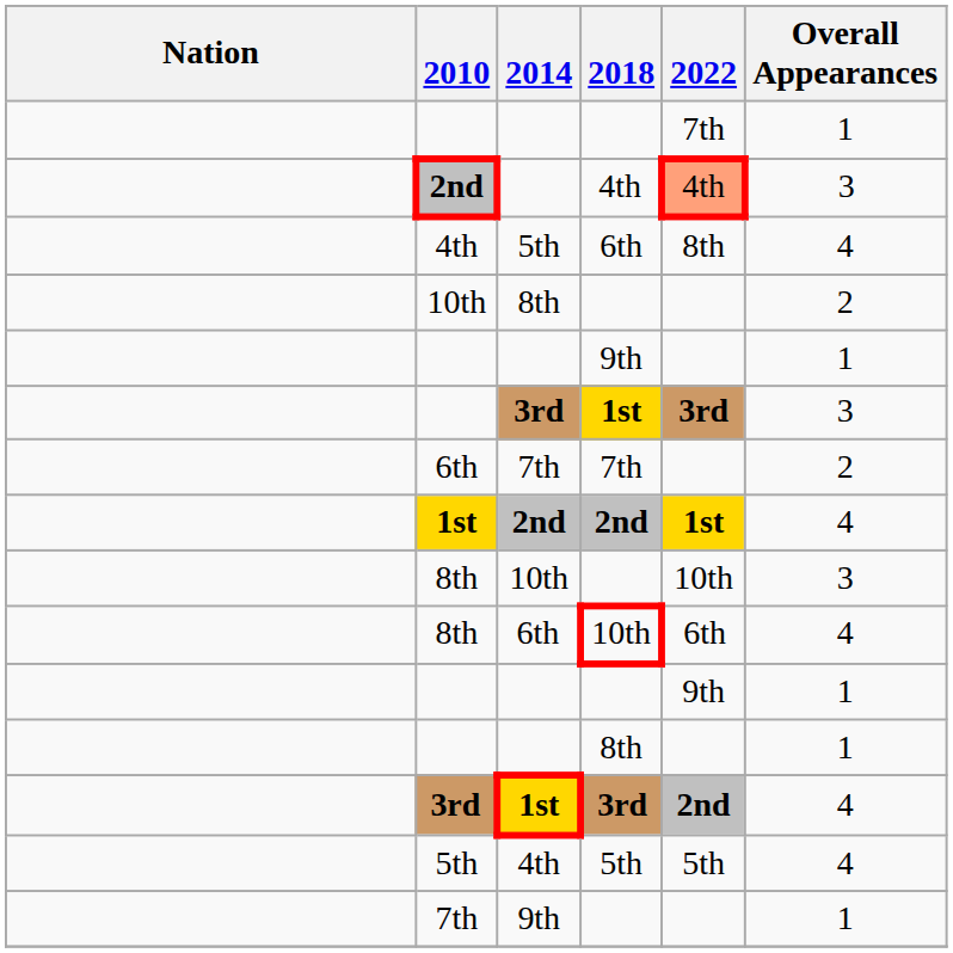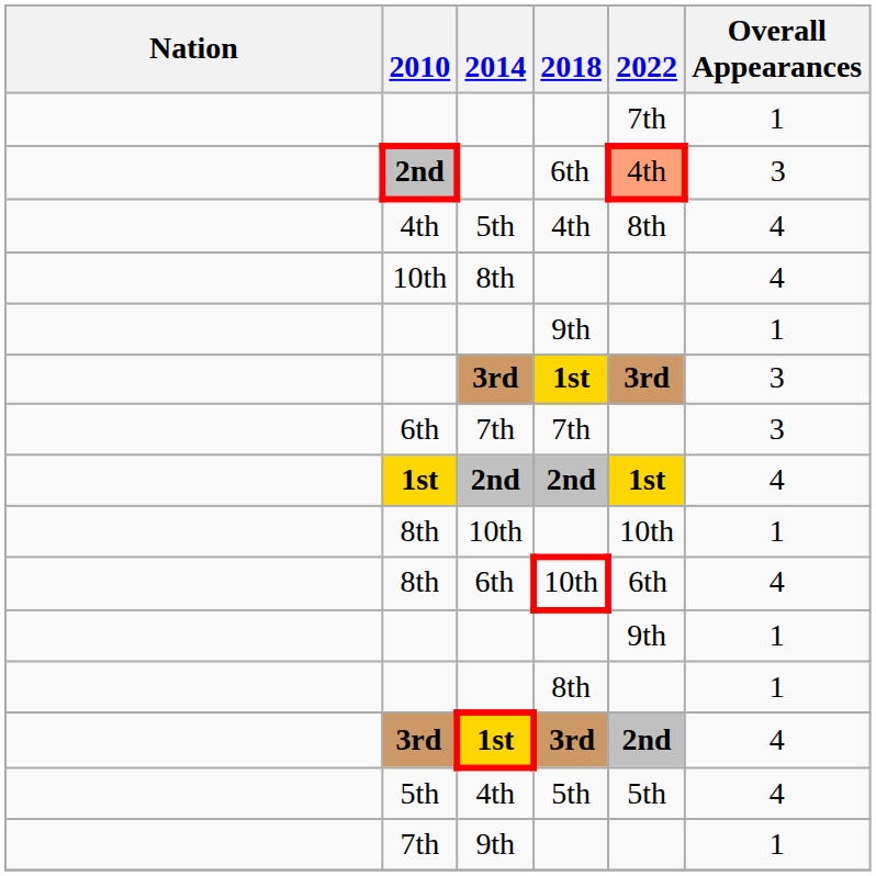 <table class="wikitable" style="text-align:center; font-size:90%">
 <tr>
 <th width=170>Nation</th>
 <th><br><a href='#'>2010</a></th>
 <th><br><a href='#'>2014</a></th>
 <th><br><a href='#'>2018</a></th>
 <th><br><a href='#'>2022</a></th>
 <th>Overall<br>Appearances</th>
 </tr>
 <tr>
 <td align=left></td>
 <td></td>
 <td></td>
 <td></td>
 <td>7th</td>
 <td>1</td>
 </tr>
 <tr>
 <td align=left></td>
 <td bgcolor=silver style="border: 3px solid red"><strong>2nd</strong></td>
 <td></td>
-<td>4th</td>
+<td>6th</td>
 <td style="background: lightsalmon; border: 3px solid red">4th</td>
 <td>3</td>
 </tr>
 <tr>
 <td align=left></td>
 <td>4th</td>
 <td>5th</td>
-<td>6th</td>
+<td>4th</td>
 <td>8th</td>
 <td>4</td>
 </tr>
 <tr>
 <td align=left></td>
 <td>10th</td>
 <td>8th</td>
 <td></td>
 <td></td>
-<td>2</td>
+<td>4</td>
 </tr>
 <tr>
 <td align=left></td>
 <td></td>
 <td></td>
 <td>9th</td>
 <td></td>
 <td>1</td>
 </tr>
 <tr>
 <td align=left></td>
 <td></td>
 <td bgcolor=#cc9966><strong>3rd</strong></td>
 <td bgcolor=gold><strong>1st</strong></td>
 <td bgcolor=#cc9966><strong>3rd</strong></td>
 <td>3</td>
 </tr>
 <tr>
 <td align=left></td>
 <td>6th</td>
 <td>7th</td>
 <td>7th</td>
 <td></td>
-<td>2</td>
+<td>3</td>
 </tr>
 <tr>
 <td align=left></td>
 <td bgcolor=gold><strong>1st</strong></td>
 <td bgcolor=silver><strong>2nd</strong></td>
 <td bgcolor=silver><strong>2nd</strong></td>
 <td bgcolor=gold><strong>1st</strong></td>
 <td>4</td>
 </tr>
 <tr>
 <td align=left></td>
 <td>8th</td>
 <td>10th</td>
 <td></td>
 <td>10th</td>
-<td>3</td>
+<td>1</td>
 </tr>
 <tr>
 <td align=left></td>
 <td>8th</td>
 <td>6th</td>
 <td style="border: 3px solid red">10th</td>
 <td>6th</td>
 <td>4</td>
 </tr>
 <tr>
 <td align=left></td>
 <td></td>
 <td></td>
 <td></td>
 <td>9th</td>
 <td>1</td>
 </tr>
 <tr>
 <td align=left></td>
 <td></td>
 <td></td>
 <td>8th</td>
 <td></td>
 <td>1</td>
 </tr>
 <tr>
 <td align=left></td>
 <td bgcolor=#cc9966><strong>3rd</strong></td>
 <td bgcolor=gold style="border: 3px solid red"><strong>1st</strong></td>
 <td bgcolor=#cc9966><strong>3rd</strong></td>
 <td bgcolor=silver><strong>2nd</strong></td>
 <td>4</td>
 </tr>
 <tr>
 <td align=left></td>
 <td>5th</td>
 <td>4th</td>
 <td>5th</td>
 <td>5th</td>
 <td>4</td>
 </tr>
 <tr>
 <td align=left></td>
 <td>7th</td>
 <td>9th</td>
 <td></td>
 <td></td>
 <td>1</td>
 </tr>
 <tr>
 </tr>
 </table>
